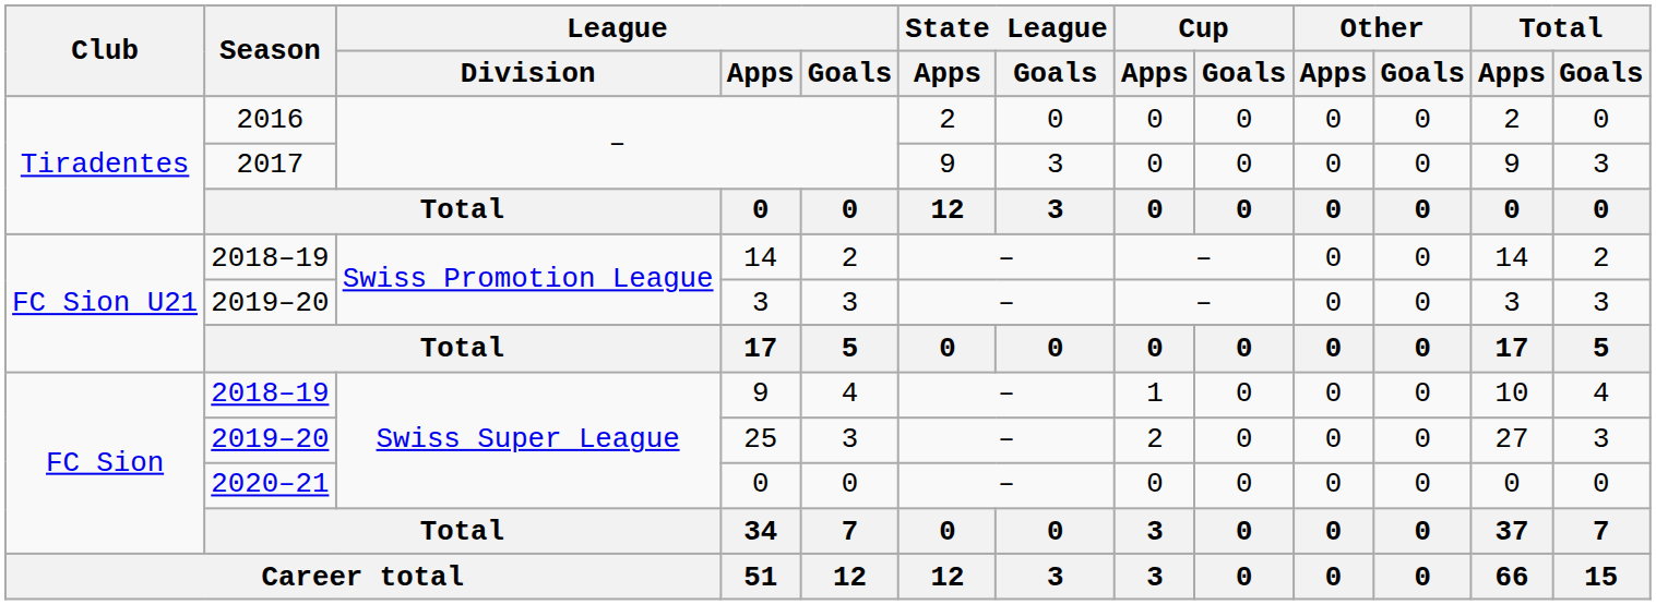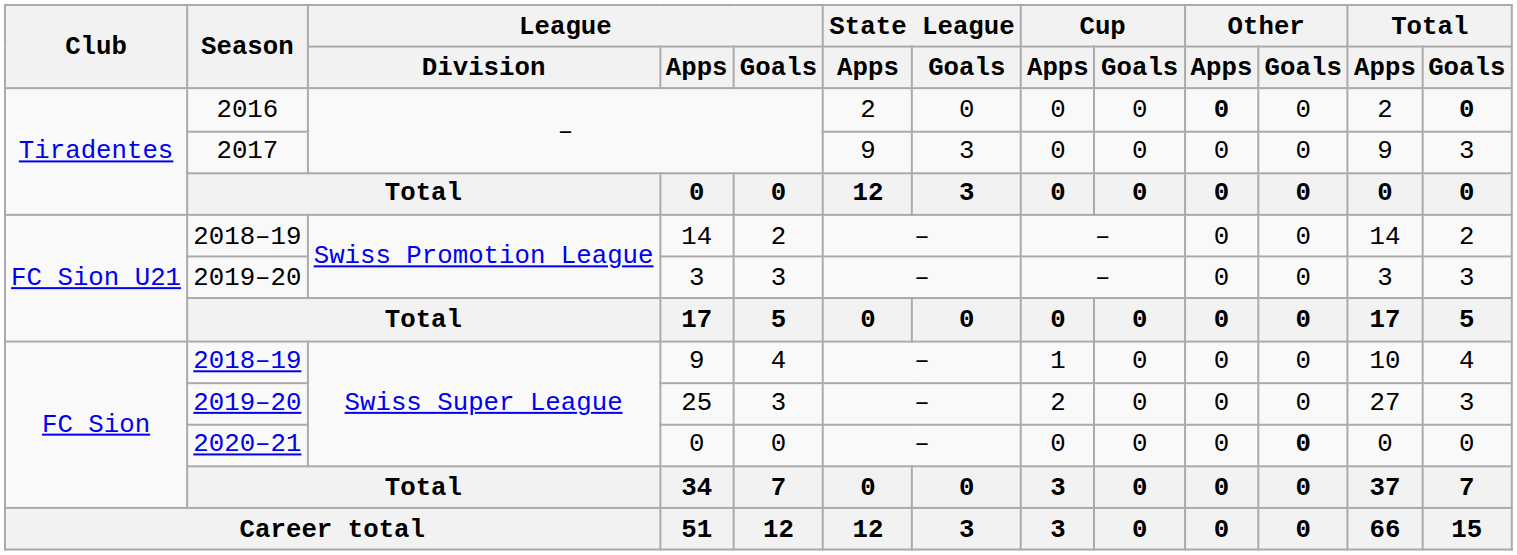 <table class="wikitable" style="text-align:center">
 <tr>
 <th rowspan="2">Club</th>
 <th rowspan="2">Season</th>
 <th colspan="3">League</th>
 <th colspan="2">State League</th>
 <th colspan="2">Cup</th>
 <th colspan="2">Other</th>
 <th colspan="2">Total</th>
 </tr>
 <tr>
 <th>Division</th>
 <th>Apps</th>
 <th>Goals</th>
 <th>Apps</th>
 <th>Goals</th>
 <th>Apps</th>
 <th>Goals</th>
 <th>Apps</th>
 <th>Goals</th>
 <th>Apps</th>
 <th>Goals</th>
 </tr>
 <tr>
 <td rowspan="3"><a href='#'>Tiradentes</a></td>
 <td>2016</td>
 <td colspan="3" rowspan="2">–</td>
 <td>2</td>
 <td>0</td>
 <td>0</td>
 <td>0</td>
-<td>0</td>
+<td><strong>0</strong></td>
 <td>0</td>
 <td>2</td>
-<td>0</td>
+<td><strong>0</strong></td>
 </tr>
 <tr>
 <td>2017</td>
 <td>9</td>
 <td>3</td>
 <td>0</td>
 <td>0</td>
 <td>0</td>
 <td>0</td>
 <td>9</td>
 <td>3</td>
 </tr>
 <tr>
 <th colspan="2">Total</th>
 <th>0</th>
 <th>0</th>
 <th>12</th>
 <th>3</th>
 <th>0</th>
 <th>0</th>
 <th>0</th>
 <th>0</th>
 <th>0</th>
 <th>0</th>
 </tr>
 <tr>
 <td rowspan="3"><a href='#'>FC Sion U21</a></td>
 <td>2018–19</td>
 <td rowspan="2"><a href='#'>Swiss Promotion League</a></td>
 <td>14</td>
 <td>2</td>
 <td colspan="2">–</td>
 <td colspan="2">–</td>
 <td>0</td>
 <td>0</td>
 <td>14</td>
 <td>2</td>
 </tr>
 <tr>
 <td>2019–20</td>
 <td>3</td>
 <td>3</td>
 <td colspan="2">–</td>
 <td colspan="2">–</td>
 <td>0</td>
 <td>0</td>
 <td>3</td>
 <td>3</td>
 </tr>
 <tr>
 <th colspan="2">Total</th>
 <th>17</th>
 <th>5</th>
 <th>0</th>
 <th>0</th>
 <th>0</th>
 <th>0</th>
 <th>0</th>
 <th>0</th>
 <th>17</th>
 <th>5</th>
 </tr>
 <tr>
 <td rowspan="4"><a href='#'>FC Sion</a></td>
 <td><a href='#'>2018–19</a></td>
 <td rowspan="3"><a href='#'>Swiss Super League</a></td>
 <td>9</td>
 <td>4</td>
 <td colspan="2">–</td>
 <td>1</td>
 <td>0</td>
 <td>0</td>
 <td>0</td>
 <td>10</td>
 <td>4</td>
 </tr>
 <tr>
 <td><a href='#'>2019–20</a></td>
 <td>25</td>
 <td>3</td>
 <td colspan="2">–</td>
 <td>2</td>
 <td>0</td>
 <td>0</td>
 <td>0</td>
 <td>27</td>
 <td>3</td>
 </tr>
 <tr>
 <td><a href='#'>2020–21</a></td>
 <td>0</td>
 <td>0</td>
 <td colspan="2">–</td>
 <td>0</td>
 <td>0</td>
 <td>0</td>
-<td>0</td>
+<td><strong>0</strong></td>
 <td>0</td>
 <td>0</td>
 </tr>
 <tr>
 <th colspan="2">Total</th>
 <th>34</th>
 <th>7</th>
 <th>0</th>
 <th>0</th>
 <th>3</th>
 <th>0</th>
 <th>0</th>
 <th>0</th>
 <th>37</th>
 <th>7</th>
 </tr>
 <tr>
 <th colspan="3">Career total</th>
 <th>51</th>
 <th>12</th>
 <th>12</th>
 <th>3</th>
 <th>3</th>
 <th>0</th>
 <th>0</th>
 <th>0</th>
 <th>66</th>
 <th>15</th>
 </tr>
 </table>
